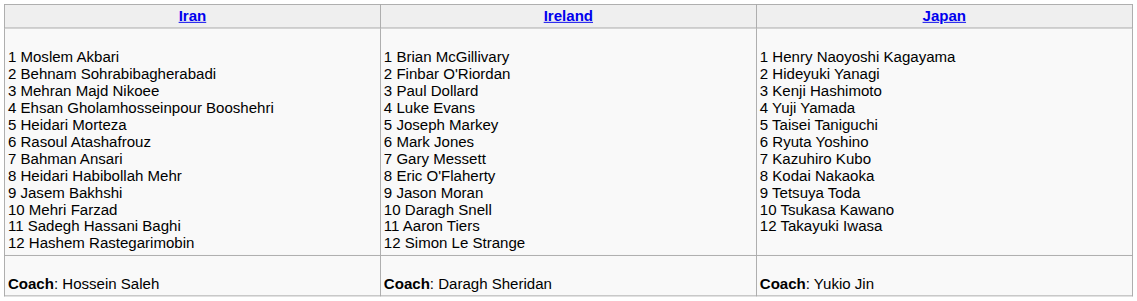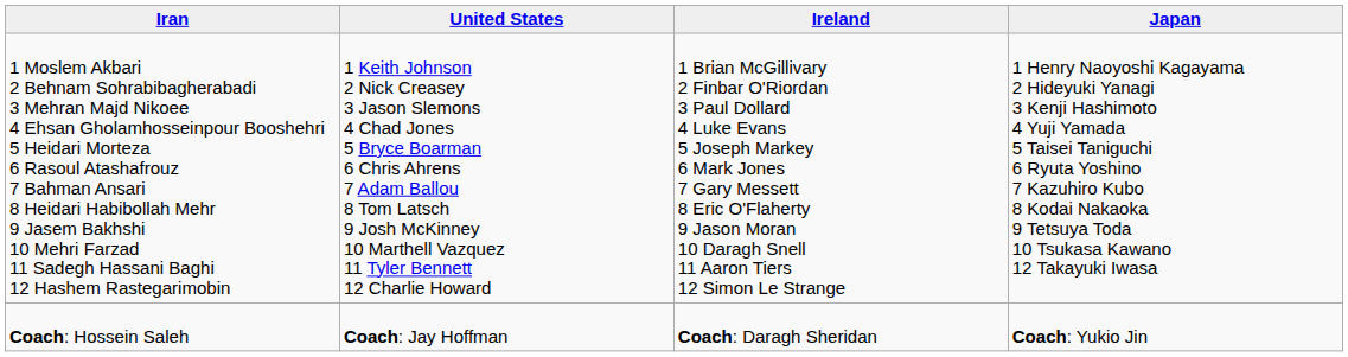 <table class="wikitable mw-collapsible mw-collapsed" cellpadding=5 cellspacing=0 style="width:95%">
 <tr align=center>
 <td bgcolor="#efefef" width="200"><strong> <a href='#'>Iran</a></strong></td>
+<td bgcolor="#efefef" width="200"><strong> <a href='#'>United States</a></strong></td>
 <td bgcolor="#efefef" width="200"><strong> <a href='#'>Ireland</a></strong></td>
 <td bgcolor="#efefef" width="200"><strong> <a href='#'>Japan</a></strong></td>
 </tr>
 <tr valign=top>
 <td><br>1 Moslem Akbari<br> 2 Behnam Sohrabibagherabadi<br> 3 Mehran Majd Nikoee<br> 4 Ehsan Gholamhosseinpour Booshehri<br> 5 Heidari Morteza<br> 6 Rasoul Atashafrouz<br> 7 Bahman Ansari<br> 8 Heidari Habibollah Mehr<br> 9 Jasem Bakhshi<br> 10 Mehri Farzad<br> 11 Sadegh Hassani Baghi<br> 12 Hashem Rastegarimobin</td>
+<td><br>1 <a href='#'>Keith Johnson</a><br> 2 Nick Creasey<br> 3 Jason Slemons<br> 4 Chad Jones<br> 5 <a href='#'>Bryce Boarman</a><br> 6 Chris Ahrens<br> 7 <a href='#'>Adam Ballou</a><br> 8 Tom Latsch<br> 9 Josh McKinney<br> 10 Marthell Vazquez<br> 11 <a href='#'>Tyler Bennett</a><br> 12 Charlie Howard</td>
 <td><br>1 Brian McGillivary<br> 2 Finbar O'Riordan<br> 3 Paul Dollard<br> 4 Luke Evans<br> 5 Joseph Markey<br> 6 Mark Jones<br> 7 Gary Messett<br> 8 Eric O'Flaherty<br> 9 Jason Moran<br> 10 Daragh Snell<br> 11 Aaron Tiers<br> 12 Simon Le Strange</td>
 <td><br>1 Henry Naoyoshi Kagayama<br> 2 Hideyuki Yanagi<br> 3 Kenji Hashimoto<br> 4 Yuji Yamada<br> 5 Taisei Taniguchi<br> 6 Ryuta Yoshino<br> 7 Kazuhiro Kubo<br> 8 Kodai Nakaoka<br> 9 Tetsuya Toda<br> 10 Tsukasa Kawano<br> 12 Takayuki Iwasa</td>
 </tr>
 <tr valign=top>
 <td><br><strong>Coach</strong>: Hossein Saleh</td>
+<td><br><strong>Coach</strong>: Jay Hoffman</td>
 <td><br><strong>Coach</strong>: Daragh Sheridan</td>
 <td><br><strong>Coach</strong>: Yukio Jin</td>
 </tr>
 </table>
